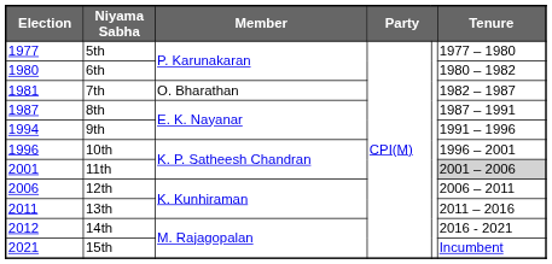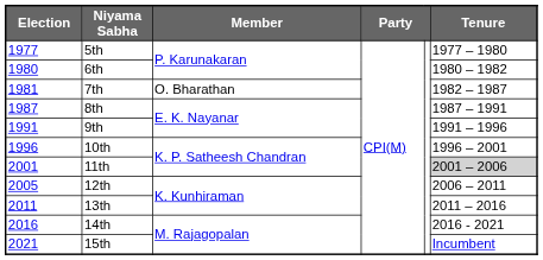 <table class="sortable" width="50%" cellpadding="2" cellspacing="0" border="1" style="border-collapse: collapse; border: 2px #000000 solid; font-size: x-big;">
 <tr>
 <th style="background-color:#666666; color:white">Election</th>
 <th style="background-color:#666666; color:white">Niyama<br>Sabha</th>
 <th style="background-color:#666666; color:white">Member</th>
 <th colspan="2" style="background-color:#666666; color:white">Party</th>
 <th style="background-color:#666666; color:white">Tenure</th>
 </tr>
 <tr>
 <td><a href='#'>1977</a></td>
 <td>5th</td>
 <td rowspan="2"><a href='#'>P. Karunakaran</a></td>
 <td rowspan="11"><a href='#'>CPI(M)</a></td>
 <td rowspan="11" style="background-color: "></td>
 <td>1977 – 1980</td>
 </tr>
 <tr>
 <td><a href='#'>1980</a></td>
 <td>6th</td>
 <td>1980 – 1982</td>
 </tr>
 <tr>
 <td><a href='#'>1981</a></td>
 <td>7th</td>
 <td>O. Bharathan</td>
 <td>1982 – 1987</td>
 </tr>
 <tr>
 <td><a href='#'>1987</a></td>
 <td>8th</td>
 <td rowspan="2"><a href='#'>E. K. Nayanar</a></td>
 <td>1987 – 1991</td>
 </tr>
 <tr>
-<td><a href='#'>1994</a></td>
+<td><a href='#'>1991</a></td>
 <td>9th</td>
 <td>1991 – 1996</td>
 </tr>
 <tr>
 <td><a href='#'>1996</a></td>
 <td>10th</td>
 <td rowspan="2"><a href='#'>K. P. Satheesh Chandran</a></td>
 <td>1996 – 2001</td>
 </tr>
 <tr>
 <td><a href='#'>2001</a></td>
 <td>11th</td>
 <td style="background: lightgrey;">2001 – 2006</td>
 </tr>
 <tr>
-<td><a href='#'>2006</a></td>
+<td><a href='#'>2005</a></td>
 <td>12th</td>
 <td rowspan="2"><a href='#'>K. Kunhiraman</a></td>
 <td>2006 – 2011</td>
 </tr>
 <tr>
 <td><a href='#'>2011</a></td>
 <td>13th</td>
 <td>2011 – 2016</td>
 </tr>
 <tr>
-<td><a href='#'>2012</a></td>
+<td><a href='#'>2016</a></td>
 <td>14th</td>
 <td rowspan="2"><a href='#'>M. Rajagopalan</a></td>
 <td>2016 - 2021</td>
 </tr>
 <tr>
 <td><a href='#'>2021</a></td>
 <td>15th</td>
 <td><a href='#'>Incumbent</a></td>
 </tr>
 </table>
